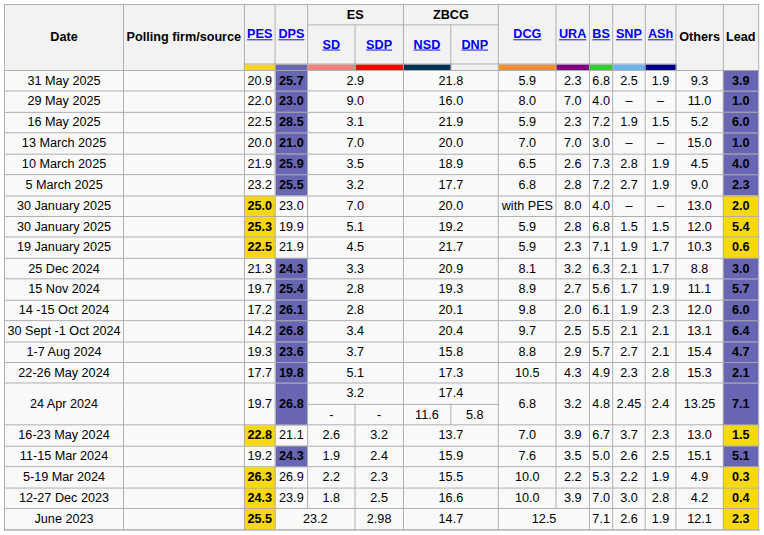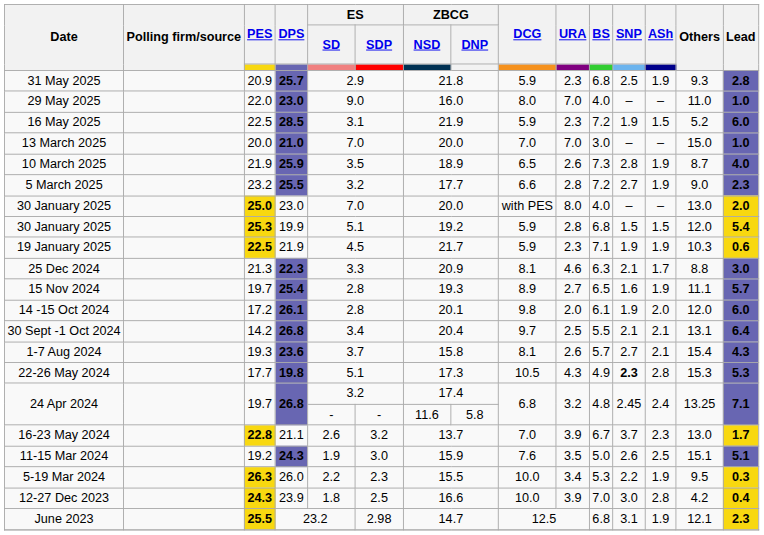 <table class="wikitable sortable" style="text-align:center; font-size:85%; line-height:16px;">
 <tr>
 <th rowspan="3">Date</th>
 <th rowspan="3">Polling firm/source</th>
 <th rowspan="2"><a href='#'>PES</a></th>
 <th rowspan="2"><a href='#'>DPS</a></th>
 <th colspan="2">ES</th>
 <th colspan="2">ZBCG</th>
 <th rowspan="2"><a href='#'>DCG</a></th>
 <th rowspan="2"><a href='#'>URA</a></th>
 <th rowspan="2"><a href='#'>BS</a></th>
 <th rowspan="2"><a href='#'>SNP</a></th>
 <th rowspan="2"><a href='#'>ASh</a></th>
 <th rowspan="3">Others</th>
 <th rowspan="3">Lead</th>
 </tr>
 <tr style="height:42px; background-color:#FFFFFF;">
 <th style="width:45px;"><a href='#'>SD</a></th>
 <th style="width:45px;"><a href='#'>SDP</a></th>
 <th style="width:45px;"><a href='#'>NSD</a></th>
 <th style="width:45px;"><a href='#'>DNP</a></th>
 </tr>
 <tr>
 <th style="background:#F8D810;"></th>
 <th style="background:#6866b2;"></th>
 <th style="background:#f08080;"></th>
 <th style="background:#FF0000;"></th>
 <th style="background:#003153;"></th>
 <th style="background:"></th>
 <th style="background:#F5911D;"></th>
 <th style="background:#800080;"></th>
 <th style="background:#32CD32;"></th>
 <th style="background:#6CB4EE;"></th>
 <th style="background:#00008B;"></th>
 </tr>
 <tr>
 <td>31 May 2025</td>
 <td></td>
 <td>20.9</td>
 <td style="background: #6866b2;"><strong>25.7</strong></td>
 <td colspan="2">2.9</td>
 <td colspan="2">21.8</td>
 <td>5.9</td>
 <td>2.3</td>
 <td>6.8</td>
 <td>2.5</td>
 <td>1.9</td>
 <td>9.3</td>
-<th style="background:#6866b2">3.9</th>
+<th style="background:#6866b2">2.8</th>
 </tr>
 <tr>
 <td>29 May 2025</td>
 <td></td>
 <td>22.0</td>
 <td style="background: #6866b2;"><strong>23.0</strong></td>
 <td colspan="2">9.0</td>
 <td colspan="2">16.0</td>
 <td>8.0</td>
 <td>7.0</td>
 <td>4.0</td>
 <td>–</td>
 <td>–</td>
 <td>11.0</td>
 <th style="background:#6866b2">1.0</th>
 </tr>
 <tr>
 <td>16 May 2025</td>
 <td></td>
 <td>22.5</td>
 <td style="background: #6866b2;"><strong>28.5</strong></td>
 <td colspan="2">3.1</td>
 <td colspan="2">21.9</td>
 <td>5.9</td>
 <td>2.3</td>
 <td>7.2</td>
 <td>1.9</td>
 <td>1.5</td>
 <td>5.2</td>
 <th style="background:#6866b2">6.0</th>
 </tr>
 <tr>
 <td>13 March 2025</td>
 <td></td>
 <td>20.0</td>
 <td style="background: #6866b2;"><strong>21.0</strong></td>
 <td colspan="2">7.0</td>
 <td colspan="2">20.0</td>
 <td>7.0</td>
 <td>7.0</td>
 <td>3.0</td>
 <td>–</td>
 <td>–</td>
 <td>15.0</td>
 <th style="background:#6866b2">1.0</th>
 </tr>
 <tr>
 <td>10 March 2025</td>
 <td></td>
 <td>21.9</td>
 <td style="background: #6866b2;"><strong>25.9</strong></td>
 <td colspan="2">3.5</td>
 <td colspan="2">18.9</td>
 <td>6.5</td>
 <td>2.6</td>
 <td>7.3</td>
 <td>2.8</td>
 <td>1.9</td>
-<td>4.5</td>
+<td>8.7</td>
 <th style="background:#6866b2">4.0</th>
 </tr>
 <tr>
 <td>5 March 2025</td>
 <td></td>
 <td>23.2</td>
 <td style="background: #6866b2;"><strong>25.5</strong></td>
 <td colspan="2">3.2</td>
 <td colspan="2">17.7</td>
-<td>6.8</td>
+<td>6.6</td>
 <td>2.8</td>
 <td>7.2</td>
 <td>2.7</td>
 <td>1.9</td>
 <td>9.0</td>
 <th style="background:#6866b2">2.3</th>
 </tr>
 <tr>
 <td>30 January 2025</td>
 <td></td>
 <td style="background:#F8D810;"><strong>25.0</strong></td>
 <td>23.0</td>
 <td colspan="2">7.0</td>
 <td colspan="2">20.0</td>
 <td>with PES</td>
 <td>8.0</td>
 <td>4.0</td>
 <td>–</td>
 <td>–</td>
 <td>13.0</td>
 <th style="background:#F8D810">2.0</th>
 </tr>
 <tr>
 <td>30 January 2025</td>
 <td></td>
 <td style="background:#F8D810;"><strong>25.3</strong></td>
 <td>19.9</td>
 <td colspan="2">5.1</td>
 <td colspan="2">19.2</td>
 <td>5.9</td>
 <td>2.8</td>
 <td>6.8</td>
 <td>1.5</td>
 <td>1.5</td>
 <td>12.0</td>
 <th style="background:#F8D810">5.4</th>
 </tr>
 <tr>
 <td>19 January 2025</td>
 <td></td>
 <td style="background:#F8D810;"><strong>22.5</strong></td>
 <td>21.9</td>
 <td colspan="2">4.5</td>
 <td colspan="2">21.7</td>
 <td>5.9</td>
 <td>2.3</td>
 <td>7.1</td>
 <td>1.9</td>
-<td>1.7</td>
+<td>1.9</td>
 <td>10.3</td>
 <th style="background:#F8D810">0.6</th>
 </tr>
 <tr>
 <td>25 Dec 2024</td>
 <td></td>
 <td>21.3</td>
-<td style="background: #6866b2;"><strong>24.3</strong></td>
+<td style="background: #6866b2;"><strong>22.3</strong></td>
 <td colspan="2">3.3</td>
 <td colspan="2">20.9</td>
 <td>8.1</td>
-<td>3.2</td>
+<td>4.6</td>
 <td>6.3</td>
 <td>2.1</td>
 <td>1.7</td>
 <td>8.8</td>
 <th style="background: #6866b2">3.0</th>
 </tr>
 <tr>
 <td>15 Nov 2024</td>
 <td></td>
 <td>19.7</td>
 <td style="background: #6866b2;"><strong>25.4</strong></td>
 <td colspan="2">2.8</td>
 <td colspan="2">19.3</td>
 <td>8.9</td>
 <td>2.7</td>
-<td>5.6</td>
-<td>1.7</td>
+<td>6.5</td>
+<td>1.6</td>
 <td>1.9</td>
 <td>11.1</td>
 <th style="background: #6866b2">5.7</th>
 </tr>
 <tr>
 <td>14 -15 Oct 2024</td>
 <td></td>
 <td>17.2</td>
 <td style="background: #6866b2;"><strong>26.1</strong></td>
 <td colspan="2">2.8</td>
 <td colspan="2">20.1</td>
 <td>9.8</td>
 <td>2.0</td>
 <td>6.1</td>
 <td>1.9</td>
-<td>2.3</td>
+<td>2.0</td>
 <td>12.0</td>
 <th style="background: #6866b2">6.0</th>
 </tr>
 <tr>
 <td>30 Sept -1 Oct 2024</td>
 <td></td>
 <td>14.2</td>
 <td style="background: #6866b2;"><strong>26.8</strong></td>
 <td colspan="2">3.4</td>
 <td colspan="2">20.4</td>
 <td>9.7</td>
 <td>2.5</td>
 <td>5.5</td>
 <td>2.1</td>
 <td>2.1</td>
 <td>13.1</td>
 <th style="background: #6866b2">6.4</th>
 </tr>
 <tr>
 <td>1-7 Aug 2024</td>
 <td></td>
 <td>19.3</td>
 <td style="background: #6866b2;"><strong>23.6</strong></td>
 <td colspan="2">3.7</td>
 <td colspan="2">15.8</td>
-<td>8.8</td>
-<td>2.9</td>
+<td>8.1</td>
+<td>2.6</td>
 <td>5.7</td>
 <td>2.7</td>
 <td>2.1</td>
 <td>15.4</td>
-<th style="background: #6866b2">4.7</th>
+<th style="background: #6866b2">4.3</th>
 </tr>
 <tr>
 <td>22-26 May 2024</td>
 <td></td>
 <td>17.7</td>
 <td style="background: #6866b2;"><strong>19.8</strong></td>
 <td colspan="2">5.1</td>
 <td colspan="2">17.3</td>
 <td>10.5</td>
 <td>4.3</td>
 <td>4.9</td>
-<td>2.3</td>
+<td><strong>2.3</strong></td>
 <td>2.8</td>
 <td>15.3</td>
-<th style="background: #6866b2;">2.1</th>
+<th style="background: #6866b2;">5.3</th>
 </tr>
 <tr>
 <td rowspan="2">24 Apr 2024</td>
 <td rowspan="2"></td>
 <td rowspan="2">19.7</td>
 <td rowspan="2" style="background: #6866b2;"><strong>26.8</strong></td>
 <td colspan="2">3.2</td>
 <td colspan="2">17.4</td>
 <td rowspan="2">6.8</td>
 <td rowspan="2">3.2</td>
 <td rowspan="2">4.8</td>
 <td rowspan="2">2.45</td>
 <td rowspan="2">2.4</td>
 <td rowspan="2">13.25</td>
 <th rowspan="2" style="background: #6866b2;">7.1</th>
 </tr>
 <tr>
 <td>-</td>
 <td>-</td>
 <td>11.6</td>
 <td>5.8</td>
 </tr>
 <tr>
 <td>16-23 May 2024</td>
 <td></td>
 <td style="background:#F8D810;"><strong>22.8</strong></td>
 <td>21.1</td>
 <td>2.6</td>
 <td>3.2</td>
 <td colspan="2">13.7</td>
 <td>7.0</td>
 <td>3.9</td>
 <td>6.7</td>
 <td>3.7</td>
 <td>2.3</td>
 <td>13.0</td>
-<th style="background:#F8D810">1.5</th>
+<th style="background:#F8D810">1.7</th>
 </tr>
 <tr>
 <td>11-15 Mar 2024</td>
 <td></td>
 <td>19.2</td>
 <td style="background: #6866b2;"><strong>24.3</strong></td>
 <td>1.9</td>
-<td>2.4</td>
+<td>3.0</td>
 <td colspan="2">15.9</td>
 <td>7.6</td>
 <td>3.5</td>
 <td>5.0</td>
 <td>2.6</td>
 <td>2.5</td>
 <td>15.1</td>
 <th style="background: #6866b2;">5.1</th>
 </tr>
 <tr>
 <td>5-19 Mar 2024</td>
 <td></td>
 <td style="background:#F8D810;"><strong>26.3</strong></td>
-<td>26.9</td>
+<td>26.0</td>
 <td>2.2</td>
 <td>2.3</td>
 <td colspan="2">15.5</td>
 <td>10.0</td>
-<td>2.2</td>
+<td>3.4</td>
 <td>5.3</td>
 <td>2.2</td>
 <td>1.9</td>
-<td>4.9</td>
+<td>9.5</td>
 <th style="background:#F8D810">0.3</th>
 </tr>
 <tr>
 <td>12-27 Dec 2023</td>
 <td></td>
 <td style="background:#F8D810;"><strong>24.3</strong></td>
 <td>23.9</td>
 <td>1.8</td>
 <td>2.5</td>
 <td colspan="2">16.6</td>
 <td>10.0</td>
 <td>3.9</td>
 <td>7.0</td>
 <td>3.0</td>
 <td>2.8</td>
 <td>4.2</td>
 <th style="background:#F8D810">0.4</th>
 </tr>
 <tr>
 <td>June 2023</td>
 <td></td>
 <td style="background:#F8D810;"><strong>25.5</strong></td>
 <td colspan="2">23.2</td>
 <td>2.98</td>
 <td colspan="2">14.7</td>
 <td colspan="2">12.5</td>
-<td>7.1</td>
-<td>2.6</td>
+<td>6.8</td>
+<td>3.1</td>
 <td>1.9</td>
 <td>12.1</td>
 <th style="background:#F8D810">2.3</th>
 </tr>
 <tr style="background:#EFEFEF; font-weight:bold;">
 </tr>
 </table>
